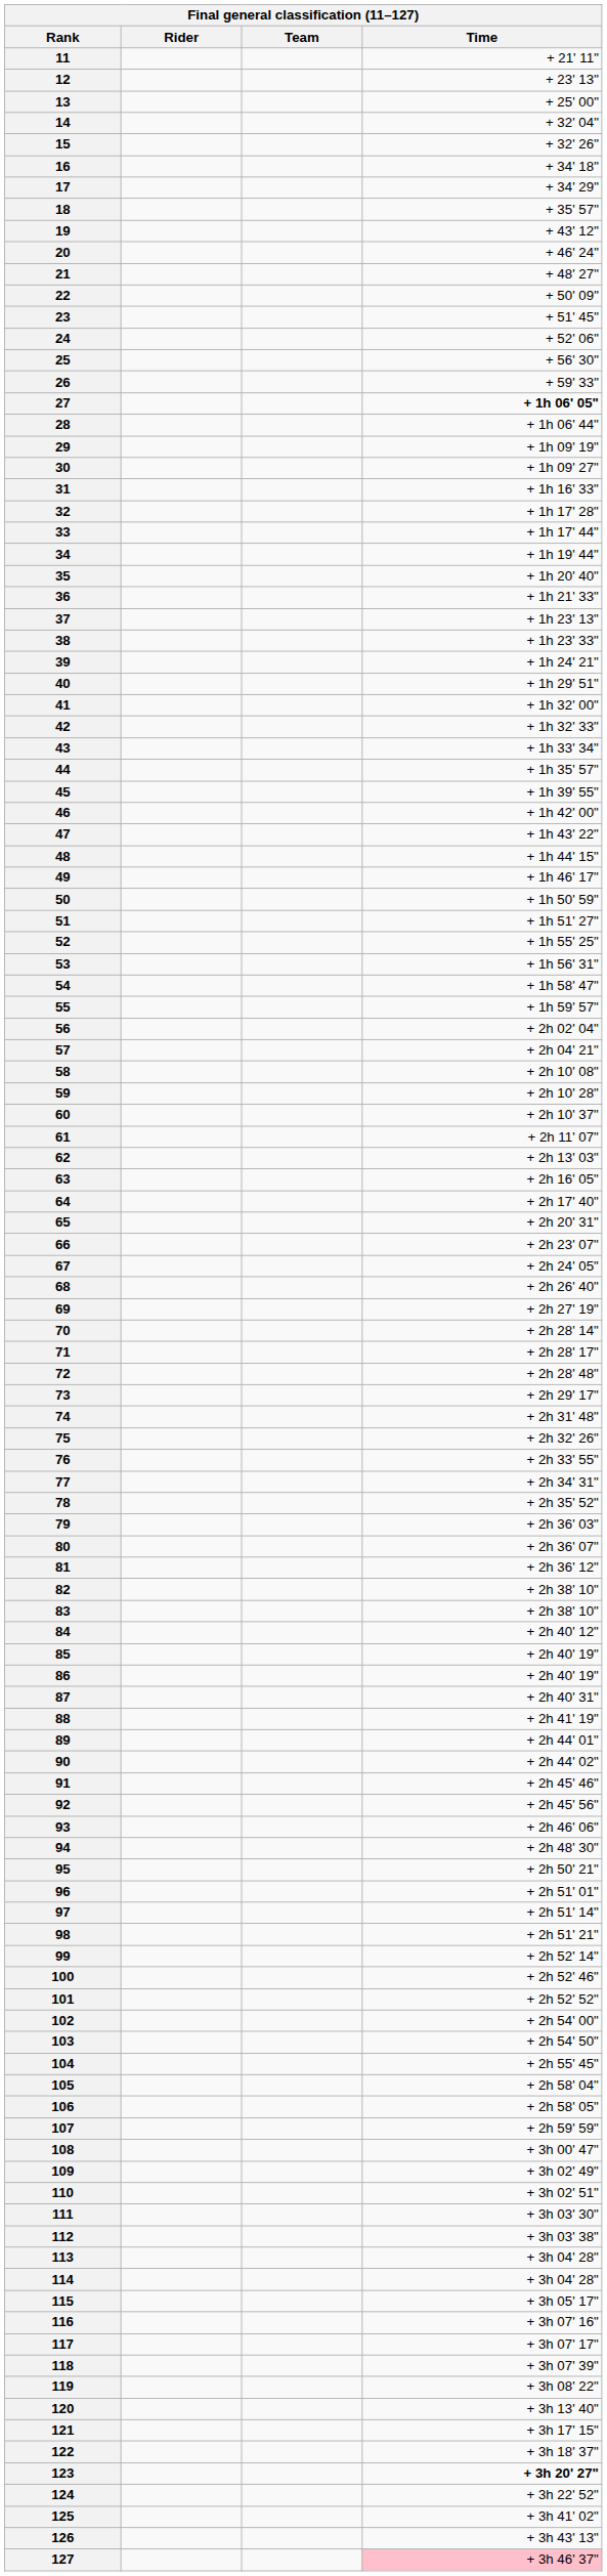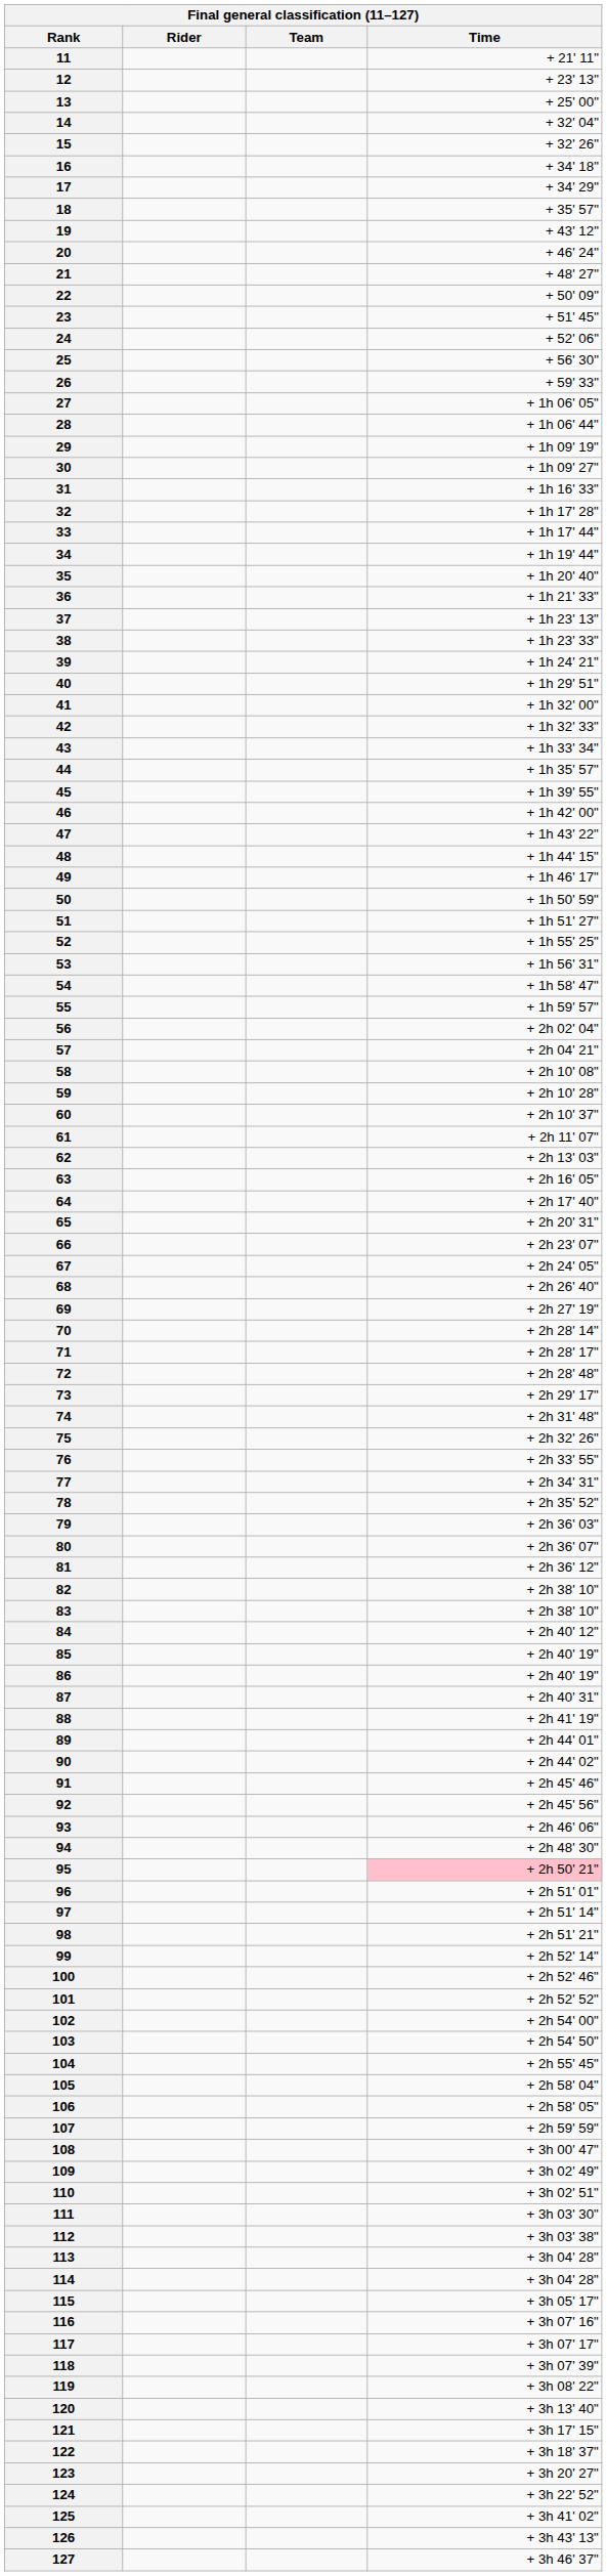 <table class="collapsible collapsed wikitable" style="width:44em;margin-top:-1px;">
 <tr>
 <th scope="col" colspan="4">Final general classification (11–127)</th>
 </tr>
 <tr>
 <th scope="col">Rank</th>
 <th scope="col">Rider</th>
 <th scope="col">Team</th>
 <th scope="col">Time</th>
 </tr>
 <tr |->
 <th scope="row">11</th>
 <td></td>
 <td></td>
 <td style="text-align:right;">+ 21' 11"</td>
 </tr>
 <tr>
 <th scope="row">12</th>
 <td></td>
 <td></td>
 <td style="text-align:right;">+ 23' 13"</td>
 </tr>
 <tr>
 <th scope="row">13</th>
 <td></td>
 <td></td>
 <td style="text-align:right;">+ 25' 00"</td>
 </tr>
 <tr>
 <th scope="row">14</th>
 <td></td>
 <td></td>
 <td style="text-align:right;">+ 32' 04"</td>
 </tr>
 <tr>
 <th scope="row">15</th>
 <td></td>
 <td></td>
 <td style="text-align:right;">+ 32' 26"</td>
 </tr>
 <tr>
 <th scope="row">16</th>
 <td></td>
 <td></td>
 <td style="text-align:right;">+ 34' 18"</td>
 </tr>
 <tr>
 <th scope="row">17</th>
 <td></td>
 <td></td>
 <td style="text-align:right;">+ 34' 29"</td>
 </tr>
 <tr>
 <th scope="row">18</th>
 <td></td>
 <td></td>
 <td style="text-align:right;">+ 35' 57"</td>
 </tr>
 <tr>
 <th scope="row">19</th>
 <td></td>
 <td></td>
 <td style="text-align:right;">+ 43' 12"</td>
 </tr>
 <tr>
 <th scope="row">20</th>
 <td></td>
 <td></td>
 <td style="text-align:right;">+ 46' 24"</td>
 </tr>
 <tr>
 <th scope="row">21</th>
 <td></td>
 <td></td>
 <td style="text-align:right;">+ 48' 27"</td>
 </tr>
 <tr>
 <th scope="row">22</th>
 <td></td>
 <td></td>
 <td style="text-align:right;">+ 50' 09"</td>
 </tr>
 <tr>
 <th scope="row">23</th>
 <td></td>
 <td></td>
 <td style="text-align:right;">+ 51' 45"</td>
 </tr>
 <tr>
 <th scope="row">24</th>
 <td></td>
 <td></td>
 <td style="text-align:right;">+ 52' 06"</td>
 </tr>
 <tr>
 <th scope="row">25</th>
 <td></td>
 <td></td>
 <td style="text-align:right;">+ 56' 30"</td>
 </tr>
 <tr>
 <th scope="row">26</th>
 <td></td>
 <td></td>
 <td style="text-align:right;">+ 59' 33"</td>
 </tr>
 <tr>
 <th scope="row">27</th>
 <td></td>
 <td></td>
-<td style="text-align:right;"><strong>+ 1h 06' 05"</strong></td>
+<td style="text-align:right;">+ 1h 06' 05"</td>
 </tr>
 <tr>
 <th scope="row">28</th>
 <td></td>
 <td></td>
 <td style="text-align:right;">+ 1h 06' 44"</td>
 </tr>
 <tr>
 <th scope="row">29</th>
 <td></td>
 <td></td>
 <td style="text-align:right;">+ 1h 09' 19"</td>
 </tr>
 <tr>
 <th scope="row">30</th>
 <td></td>
 <td></td>
 <td style="text-align:right;">+ 1h 09' 27"</td>
 </tr>
 <tr>
 <th scope="row">31</th>
 <td></td>
 <td></td>
 <td style="text-align:right;">+ 1h 16' 33"</td>
 </tr>
 <tr>
 <th scope="row">32</th>
 <td></td>
 <td></td>
 <td style="text-align:right;">+ 1h 17' 28"</td>
 </tr>
 <tr>
 <th scope="row">33</th>
 <td></td>
 <td></td>
 <td style="text-align:right;">+ 1h 17' 44"</td>
 </tr>
 <tr>
 <th scope="row">34</th>
 <td></td>
 <td></td>
 <td style="text-align:right;">+ 1h 19' 44"</td>
 </tr>
 <tr>
 <th scope="row">35</th>
 <td></td>
 <td></td>
 <td style="text-align:right;">+ 1h 20' 40"</td>
 </tr>
 <tr>
 <th scope="row">36</th>
 <td></td>
 <td></td>
 <td style="text-align:right;">+ 1h 21' 33"</td>
 </tr>
 <tr>
 <th scope="row">37</th>
 <td></td>
 <td></td>
 <td style="text-align:right;">+ 1h 23' 13"</td>
 </tr>
 <tr>
 <th scope="row">38</th>
 <td></td>
 <td></td>
 <td style="text-align:right;">+ 1h 23' 33"</td>
 </tr>
 <tr>
 <th scope="row">39</th>
 <td></td>
 <td></td>
 <td style="text-align:right;">+ 1h 24' 21"</td>
 </tr>
 <tr>
 <th scope="row">40</th>
 <td></td>
 <td></td>
 <td style="text-align:right;">+ 1h 29' 51"</td>
 </tr>
 <tr>
 <th scope="row">41</th>
 <td></td>
 <td></td>
 <td style="text-align:right;">+ 1h 32' 00"</td>
 </tr>
 <tr>
 <th scope="row">42</th>
 <td></td>
 <td></td>
 <td style="text-align:right;">+ 1h 32' 33"</td>
 </tr>
 <tr>
 <th scope="row">43</th>
 <td></td>
 <td></td>
 <td style="text-align:right;">+ 1h 33' 34"</td>
 </tr>
 <tr>
 <th scope="row">44</th>
 <td></td>
 <td></td>
 <td style="text-align:right;">+ 1h 35' 57"</td>
 </tr>
 <tr>
 <th scope="row">45</th>
 <td></td>
 <td></td>
 <td style="text-align:right;">+ 1h 39' 55"</td>
 </tr>
 <tr>
 <th scope="row">46</th>
 <td></td>
 <td></td>
 <td style="text-align:right;">+ 1h 42' 00"</td>
 </tr>
 <tr>
 <th scope="row">47</th>
 <td></td>
 <td></td>
 <td style="text-align:right;">+ 1h 43' 22"</td>
 </tr>
 <tr>
 <th scope="row">48</th>
 <td></td>
 <td></td>
 <td style="text-align:right;">+ 1h 44' 15"</td>
 </tr>
 <tr>
 <th scope="row">49</th>
 <td></td>
 <td></td>
 <td style="text-align:right;">+ 1h 46' 17"</td>
 </tr>
 <tr>
 <th scope="row">50</th>
 <td></td>
 <td></td>
 <td style="text-align:right;">+ 1h 50' 59"</td>
 </tr>
 <tr>
 <th scope="row">51</th>
 <td> </td>
 <td></td>
 <td style="text-align:right;">+ 1h 51' 27"</td>
 </tr>
 <tr>
 <th scope="row">52</th>
 <td></td>
 <td></td>
 <td style="text-align:right;">+ 1h 55' 25"</td>
 </tr>
 <tr>
 <th scope="row">53</th>
 <td></td>
 <td></td>
 <td style="text-align:right;">+ 1h 56' 31"</td>
 </tr>
 <tr>
 <th scope="row">54</th>
 <td></td>
 <td></td>
 <td style="text-align:right;">+ 1h 58' 47"</td>
 </tr>
 <tr>
 <th scope="row">55</th>
 <td></td>
 <td></td>
 <td style="text-align:right;">+ 1h 59' 57"</td>
 </tr>
 <tr>
 <th scope="row">56</th>
 <td></td>
 <td></td>
 <td style="text-align:right;">+ 2h 02' 04"</td>
 </tr>
 <tr>
 <th scope="row">57</th>
 <td></td>
 <td></td>
 <td style="text-align:right;">+ 2h 04' 21"</td>
 </tr>
 <tr>
 <th scope="row">58</th>
 <td></td>
 <td></td>
 <td style="text-align:right;">+ 2h 10' 08"</td>
 </tr>
 <tr>
 <th scope="row">59</th>
 <td></td>
 <td></td>
 <td style="text-align:right;">+ 2h 10' 28"</td>
 </tr>
 <tr>
 <th scope="row">60</th>
 <td></td>
 <td></td>
 <td style="text-align:right;">+ 2h 10' 37"</td>
 </tr>
 <tr>
 <th scope="row">61</th>
 <td> </td>
 <td></td>
 <td style="text-align:right;">+ 2h 11' 07"</td>
 </tr>
 <tr>
 <th scope="row">62</th>
 <td></td>
 <td></td>
 <td style="text-align:right;">+ 2h 13' 03"</td>
 </tr>
 <tr>
 <th scope="row">63</th>
 <td></td>
 <td></td>
 <td style="text-align:right;">+ 2h 16' 05"</td>
 </tr>
 <tr>
 <th scope="row">64</th>
 <td></td>
 <td></td>
 <td style="text-align:right;">+ 2h 17' 40"</td>
 </tr>
 <tr>
 <th scope="row">65</th>
 <td></td>
 <td></td>
 <td style="text-align:right;">+ 2h 20' 31"</td>
 </tr>
 <tr>
 <th scope="row">66</th>
 <td></td>
 <td></td>
 <td style="text-align:right;">+ 2h 23' 07"</td>
 </tr>
 <tr>
 <th scope="row">67</th>
 <td></td>
 <td></td>
 <td style="text-align:right;">+ 2h 24' 05"</td>
 </tr>
 <tr>
 <th scope="row">68</th>
 <td></td>
 <td></td>
 <td style="text-align:right;">+ 2h 26' 40"</td>
 </tr>
 <tr>
 <th scope="row">69</th>
 <td></td>
 <td></td>
 <td style="text-align:right;">+ 2h 27' 19"</td>
 </tr>
 <tr>
 <th scope="row">70</th>
 <td></td>
 <td></td>
 <td style="text-align:right;">+ 2h 28' 14"</td>
 </tr>
 <tr>
 <th scope="row">71</th>
 <td></td>
 <td></td>
 <td style="text-align:right;">+ 2h 28' 17"</td>
 </tr>
 <tr>
 <th scope="row">72</th>
 <td></td>
 <td></td>
 <td style="text-align:right;">+ 2h 28' 48"</td>
 </tr>
 <tr>
 <th scope="row">73</th>
 <td></td>
 <td></td>
 <td style="text-align:right;">+ 2h 29' 17"</td>
 </tr>
 <tr>
 <th scope="row">74</th>
 <td></td>
 <td></td>
 <td style="text-align:right;">+ 2h 31' 48"</td>
 </tr>
 <tr>
 <th scope="row">75</th>
 <td></td>
 <td></td>
 <td style="text-align:right;">+ 2h 32' 26"</td>
 </tr>
 <tr>
 <th scope="row">76</th>
 <td></td>
 <td></td>
 <td style="text-align:right;">+ 2h 33' 55"</td>
 </tr>
 <tr>
 <th scope="row">77</th>
 <td></td>
 <td></td>
 <td style="text-align:right;">+ 2h 34' 31"</td>
 </tr>
 <tr>
 <th scope="row">78</th>
 <td></td>
 <td></td>
 <td style="text-align:right;">+ 2h 35' 52"</td>
 </tr>
 <tr>
 <th scope="row">79</th>
 <td></td>
 <td></td>
 <td style="text-align:right;">+ 2h 36' 03"</td>
 </tr>
 <tr>
 <th scope="row">80</th>
 <td></td>
 <td></td>
 <td style="text-align:right;">+ 2h 36' 07"</td>
 </tr>
 <tr>
 <th scope="row">81</th>
 <td></td>
 <td></td>
 <td style="text-align:right;">+ 2h 36' 12"</td>
 </tr>
 <tr>
 <th scope="row">82</th>
 <td></td>
 <td></td>
 <td style="text-align:right;">+ 2h 38' 10"</td>
 </tr>
 <tr>
 <th scope="row">83</th>
 <td></td>
 <td></td>
 <td style="text-align:right;">+ 2h 38' 10"</td>
 </tr>
 <tr>
 <th scope="row">84</th>
 <td></td>
 <td></td>
 <td style="text-align:right;">+ 2h 40' 12"</td>
 </tr>
 <tr>
 <th scope="row">85</th>
 <td></td>
 <td></td>
 <td style="text-align:right;">+ 2h 40' 19"</td>
 </tr>
 <tr>
 <th scope="row">86</th>
 <td></td>
 <td></td>
 <td style="text-align:right;">+ 2h 40' 19"</td>
 </tr>
 <tr>
 <th scope="row">87</th>
 <td></td>
 <td></td>
 <td style="text-align:right;">+ 2h 40' 31"</td>
 </tr>
 <tr>
 <th scope="row">88</th>
 <td></td>
 <td></td>
 <td style="text-align:right;">+ 2h 41' 19"</td>
 </tr>
 <tr>
 <th scope="row">89</th>
 <td></td>
 <td></td>
 <td style="text-align:right;">+ 2h 44' 01"</td>
 </tr>
 <tr>
 <th scope="row">90</th>
 <td></td>
 <td></td>
 <td style="text-align:right;">+ 2h 44' 02"</td>
 </tr>
 <tr>
 <th scope="row">91</th>
 <td></td>
 <td></td>
 <td style="text-align:right;">+ 2h 45' 46"</td>
 </tr>
 <tr>
 <th scope="row">92</th>
 <td></td>
 <td></td>
 <td style="text-align:right;">+ 2h 45' 56"</td>
 </tr>
 <tr>
 <th scope="row">93</th>
 <td></td>
 <td></td>
 <td style="text-align:right;">+ 2h 46' 06"</td>
 </tr>
 <tr>
 <th scope="row">94</th>
 <td></td>
 <td></td>
 <td style="text-align:right;">+ 2h 48' 30"</td>
 </tr>
 <tr>
 <th scope="row">95</th>
 <td></td>
 <td></td>
-<td style="text-align:right;">+ 2h 50' 21"</td>
+<td style="background: pink; text-align:right;">+ 2h 50' 21"</td>
 </tr>
 <tr>
 <th scope="row">96</th>
 <td></td>
 <td></td>
 <td style="text-align:right;">+ 2h 51' 01"</td>
 </tr>
 <tr>
 <th scope="row">97</th>
 <td></td>
 <td></td>
 <td style="text-align:right;">+ 2h 51' 14"</td>
 </tr>
 <tr>
 <th scope="row">98</th>
 <td></td>
 <td></td>
 <td style="text-align:right;">+ 2h 51' 21"</td>
 </tr>
 <tr>
 <th scope="row">99</th>
 <td></td>
 <td></td>
 <td style="text-align:right;">+ 2h 52' 14"</td>
 </tr>
 <tr>
 <th scope="row">100</th>
 <td></td>
 <td></td>
 <td style="text-align:right;">+ 2h 52' 46"</td>
 </tr>
 <tr>
 <th scope="row">101</th>
 <td></td>
 <td></td>
 <td style="text-align:right;">+ 2h 52' 52"</td>
 </tr>
 <tr>
 <th scope="row">102</th>
 <td></td>
 <td></td>
 <td style="text-align:right;">+ 2h 54' 00"</td>
 </tr>
 <tr>
 <th scope="row">103</th>
 <td></td>
 <td></td>
 <td style="text-align:right;">+ 2h 54' 50"</td>
 </tr>
 <tr>
 <th scope="row">104</th>
 <td></td>
 <td></td>
 <td style="text-align:right;">+ 2h 55' 45"</td>
 </tr>
 <tr>
 <th scope="row">105</th>
 <td></td>
 <td></td>
 <td style="text-align:right;">+ 2h 58' 04"</td>
 </tr>
 <tr>
 <th scope="row">106</th>
 <td></td>
 <td></td>
 <td style="text-align:right;">+ 2h 58' 05"</td>
 </tr>
 <tr>
 <th scope="row">107</th>
 <td></td>
 <td></td>
 <td style="text-align:right;">+ 2h 59' 59"</td>
 </tr>
 <tr>
 <th scope="row">108</th>
 <td></td>
 <td></td>
 <td style="text-align:right;">+ 3h 00' 47"</td>
 </tr>
 <tr>
 <th scope="row">109</th>
 <td></td>
 <td></td>
 <td style="text-align:right;">+ 3h 02' 49"</td>
 </tr>
 <tr>
 <th scope="row">110</th>
 <td></td>
 <td></td>
 <td style="text-align:right;">+ 3h 02' 51"</td>
 </tr>
 <tr>
 <th scope="row">111</th>
 <td></td>
 <td></td>
 <td style="text-align:right;">+ 3h 03' 30"</td>
 </tr>
 <tr>
 <th scope="row">112</th>
 <td></td>
 <td></td>
 <td style="text-align:right;">+ 3h 03' 38"</td>
 </tr>
 <tr>
 <th scope="row">113</th>
 <td></td>
 <td></td>
 <td style="text-align:right;">+ 3h 04' 28"</td>
 </tr>
 <tr>
 <th scope="row">114</th>
 <td></td>
 <td></td>
 <td style="text-align:right;">+ 3h 04' 28"</td>
 </tr>
 <tr>
 <th scope="row">115</th>
 <td></td>
 <td></td>
 <td style="text-align:right;">+ 3h 05' 17"</td>
 </tr>
 <tr>
 <th scope="row">116</th>
 <td></td>
 <td></td>
 <td style="text-align:right;">+ 3h 07' 16"</td>
 </tr>
 <tr>
 <th scope="row">117</th>
 <td></td>
 <td></td>
 <td style="text-align:right;">+ 3h 07' 17"</td>
 </tr>
 <tr>
 <th scope="row">118</th>
 <td></td>
 <td></td>
 <td style="text-align:right;">+ 3h 07' 39"</td>
 </tr>
 <tr>
 <th scope="row">119</th>
 <td></td>
 <td></td>
 <td style="text-align:right;">+ 3h 08' 22"</td>
 </tr>
 <tr>
 <th scope="row">120</th>
 <td></td>
 <td></td>
 <td style="text-align:right;">+ 3h 13' 40"</td>
 </tr>
 <tr>
 <th scope="row">121</th>
 <td></td>
 <td></td>
 <td style="text-align:right;">+ 3h 17' 15"</td>
 </tr>
 <tr>
 <th scope="row">122</th>
 <td></td>
 <td></td>
 <td style="text-align:right;">+ 3h 18' 37"</td>
 </tr>
 <tr>
 <th scope="row">123</th>
 <td></td>
 <td></td>
-<td style="text-align:right;"><strong>+ 3h 20' 27"</strong></td>
+<td style="text-align:right;">+ 3h 20' 27"</td>
 </tr>
 <tr>
 <th scope="row">124</th>
 <td></td>
 <td></td>
 <td style="text-align:right;">+ 3h 22' 52"</td>
 </tr>
 <tr>
 <th scope="row">125</th>
 <td></td>
 <td></td>
 <td style="text-align:right;">+ 3h 41' 02"</td>
 </tr>
 <tr>
 <th scope="row">126</th>
 <td></td>
 <td></td>
 <td style="text-align:right;">+ 3h 43' 13"</td>
 </tr>
 <tr>
 <th scope="row">127</th>
 <td></td>
 <td></td>
-<td style="background: pink; text-align:right;">+ 3h 46' 37"</td>
+<td style="text-align:right;">+ 3h 46' 37"</td>
 </tr>
 </table>
